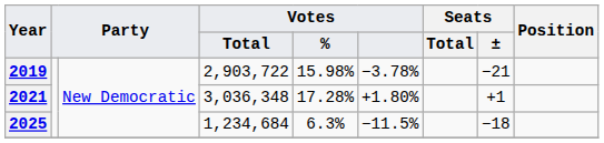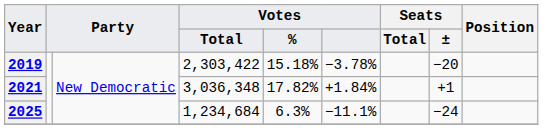 <table class="wikitable" style="font-size:90%; text-align:center;">
 <tr>
 <th rowspan="2" style="background:#eaecf0;">Year</th>
 <th colspan="2" rowspan="2" style="background:#eaecf0;">Party</th>
 <th colspan="3" style="background:#eaecf0;">Votes</th>
 <th colspan="2">Seats</th>
 <th rowspan="2">Position</th>
 </tr>
 <tr>
 <th style="background:#eaecf0;">Total</th>
 <th style="background:#eaecf0;">%</th>
 <th style="background:#eaecf0;"></th>
 <th>Total</th>
 <th>±</th>
 </tr>
 <tr>
 <th><a href='#'>2019</a></th>
 <td rowspan="3" style="background-color:"></td>
 <td rowspan="3"><a href='#'>New Democratic</a></td>
-<td>2,903,722</td>
-<td>15.98%</td>
+<td>2,303,422</td>
+<td>15.18%</td>
 <td>−3.78%</td>
 <td></td>
-<td>−21</td>
+<td>−20</td>
 <td></td>
 </tr>
 <tr>
 <th><a href='#'>2021</a></th>
 <td>3,036,348</td>
-<td>17.28%</td>
-<td>+1.80%</td>
+<td>17.82%</td>
+<td>+1.84%</td>
 <td></td>
 <td>+1</td>
 <td></td>
 </tr>
 <tr>
 <th><a href='#'>2025</a></th>
 <td>1,234,684</td>
 <td>6.3%</td>
-<td>−11.5%</td>
+<td>−11.1%</td>
 <td></td>
-<td>−18</td>
+<td>−24</td>
 <td></td>
 </tr>
 <tr>
 </tr>
 </table>
